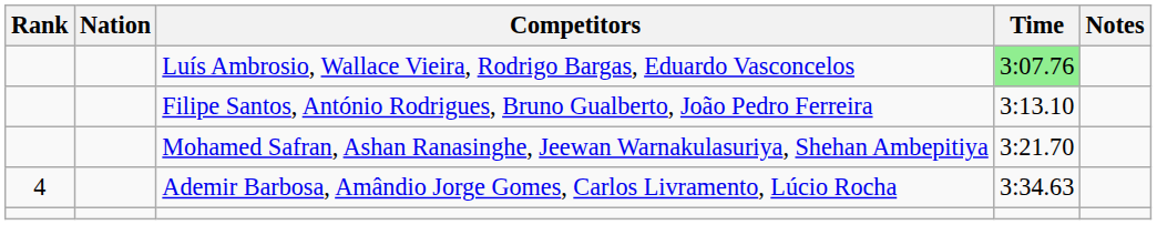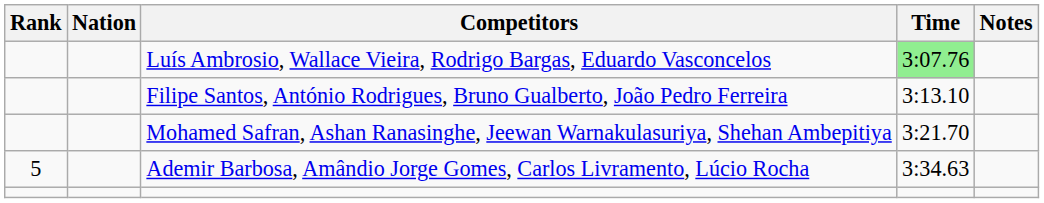 <table class="wikitable sortable" style="text-align:center; font-size:95%">
 <tr>
 <th>Rank</th>
 <th>Nation</th>
 <th>Competitors</th>
 <th>Time</th>
 <th>Notes</th>
 </tr>
 <tr>
 <td></td>
 <td align=left></td>
 <td align=left><a href='#'>Luís Ambrosio</a>, <a href='#'>Wallace Vieira</a>, <a href='#'>Rodrigo Bargas</a>, <a href='#'>Eduardo Vasconcelos</a></td>
 <td style="background: lightgreen;">3:07.76</td>
 <td></td>
 </tr>
 <tr>
 <td></td>
 <td align=left></td>
 <td align=left><a href='#'>Filipe Santos</a>, <a href='#'>António Rodrigues</a>, <a href='#'>Bruno Gualberto</a>, <a href='#'>João Pedro Ferreira</a></td>
 <td>3:13.10</td>
 <td></td>
 </tr>
 <tr>
 <td></td>
 <td align=left></td>
 <td align=left><a href='#'>Mohamed Safran</a>, <a href='#'>Ashan Ranasinghe</a>, <a href='#'>Jeewan Warnakulasuriya</a>, <a href='#'>Shehan Ambepitiya</a></td>
 <td>3:21.70</td>
 <td></td>
 </tr>
 <tr>
-<td>4</td>
+<td>5</td>
 <td align=left></td>
 <td align=left><a href='#'>Ademir Barbosa</a>, <a href='#'>Amândio Jorge Gomes</a>, <a href='#'>Carlos Livramento</a>, <a href='#'>Lúcio Rocha</a></td>
 <td>3:34.63</td>
 <td></td>
 </tr>
 <tr>
 <td></td>
 <td align=left></td>
 <td align=left></td>
 <td></td>
 <td></td>
 </tr>
 </table>
